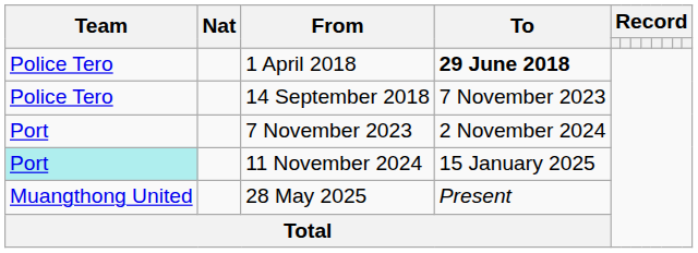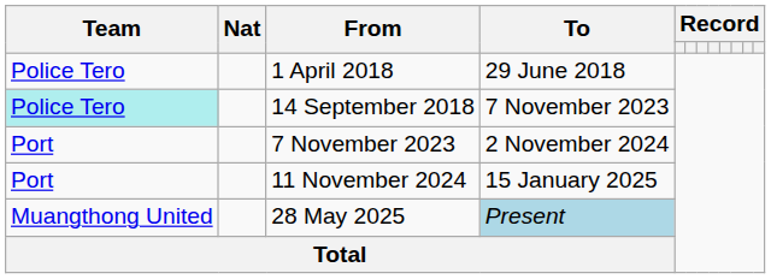 <table class=wikitable style="text-align: center;">
 <tr>
 <th rowspan="2">Team</th>
 <th rowspan="2">Nat</th>
 <th rowspan="2">From</th>
 <th rowspan="2">To</th>
 <th colspan="8">Record</th>
 </tr>
 <tr>
 <th></th>
 <th></th>
 <th></th>
 <th></th>
 <th></th>
 <th></th>
 <th></th>
 <th></th>
 </tr>
 <tr>
 <td align=left><a href='#'>Police Tero</a></td>
 <td></td>
 <td align=left>1 April 2018</td>
-<td align=left><strong>29 June 2018<br></strong></td>
+<td align=left>29 June 2018<br></td>
 </tr>
 <tr>
-<td align=left><a href='#'>Police Tero</a></td>
+<td align=left style="background: paleturquoise;"><a href='#'>Police Tero</a></td>
 <td></td>
 <td align=left>14 September 2018</td>
 <td align=left>7 November 2023<br></td>
 </tr>
 <tr>
 <td align=left><a href='#'>Port</a></td>
 <td></td>
 <td align=left>7 November 2023</td>
 <td align=left>2 November 2024<br></td>
 </tr>
 <tr>
-<td align=left style="background: paleturquoise;"><a href='#'>Port</a></td>
+<td align=left><a href='#'>Port</a></td>
 <td></td>
 <td align=left>11 November 2024</td>
 <td align=left>15 January 2025<br></td>
 </tr>
 <tr>
 <td align=left><a href='#'>Muangthong United</a></td>
 <td></td>
 <td align=left>28 May 2025</td>
-<td align=left><em>Present</em><br></td>
+<td align=left style="background: lightblue;"><em>Present</em><br></td>
 </tr>
 <tr>
 <th colspan="4">Total<br></th>
 </tr>
 </table>
